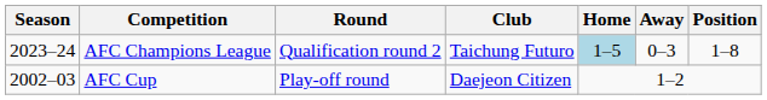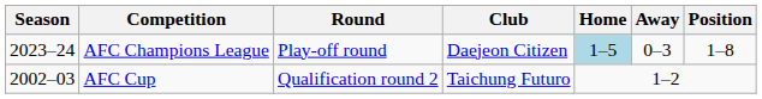 <table class="wikitable">
 <tr>
 <th>Season</th>
 <th>Competition</th>
 <th>Round</th>
 <th>Club</th>
 <th>Home</th>
 <th>Away</th>
 <th>Position</th>
 </tr>
 <tr>
 <td>2023–24</td>
 <td><a href='#'>AFC Champions League</a></td>
-<td><a href='#'>Qualification round 2</a></td>
-<td> <a href='#'>Taichung Futuro</a></td>
+<td><a href='#'>Play-off round</a></td>
+<td> <a href='#'>Daejeon Citizen</a></td>
 <td style="background: lightblue; text-align:center;">1–5</td>
 <td style="text-align:center;">0–3</td>
 <td style="text-align:center;">1–8</td>
 </tr>
 <tr>
 <td>2002–03</td>
 <td><a href='#'>AFC Cup</a></td>
-<td><a href='#'>Play-off round</a></td>
-<td> <a href='#'>Daejeon Citizen</a></td>
+<td><a href='#'>Qualification round 2</a></td>
+<td> <a href='#'>Taichung Futuro</a></td>
 <td colspan="3" style="text-align:center;">1–2</td>
 </tr>
 </table>
